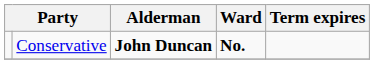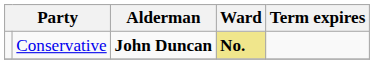 <table class="wikitable">
 <tr>
 <th colspan="2">Party</th>
 <th>Alderman</th>
 <th>Ward</th>
 <th>Term expires</th>
 </tr>
 <tr>
 <td style="background-color:"></td>
 <td><a href='#'>Conservative</a></td>
 <td><strong>John Duncan</strong></td>
-<td><strong>No. </strong></td>
+<td style="background: khaki;"><strong>No. </strong></td>
 <td></td>
 </tr>
 <tr>
 </tr>
 </table>
